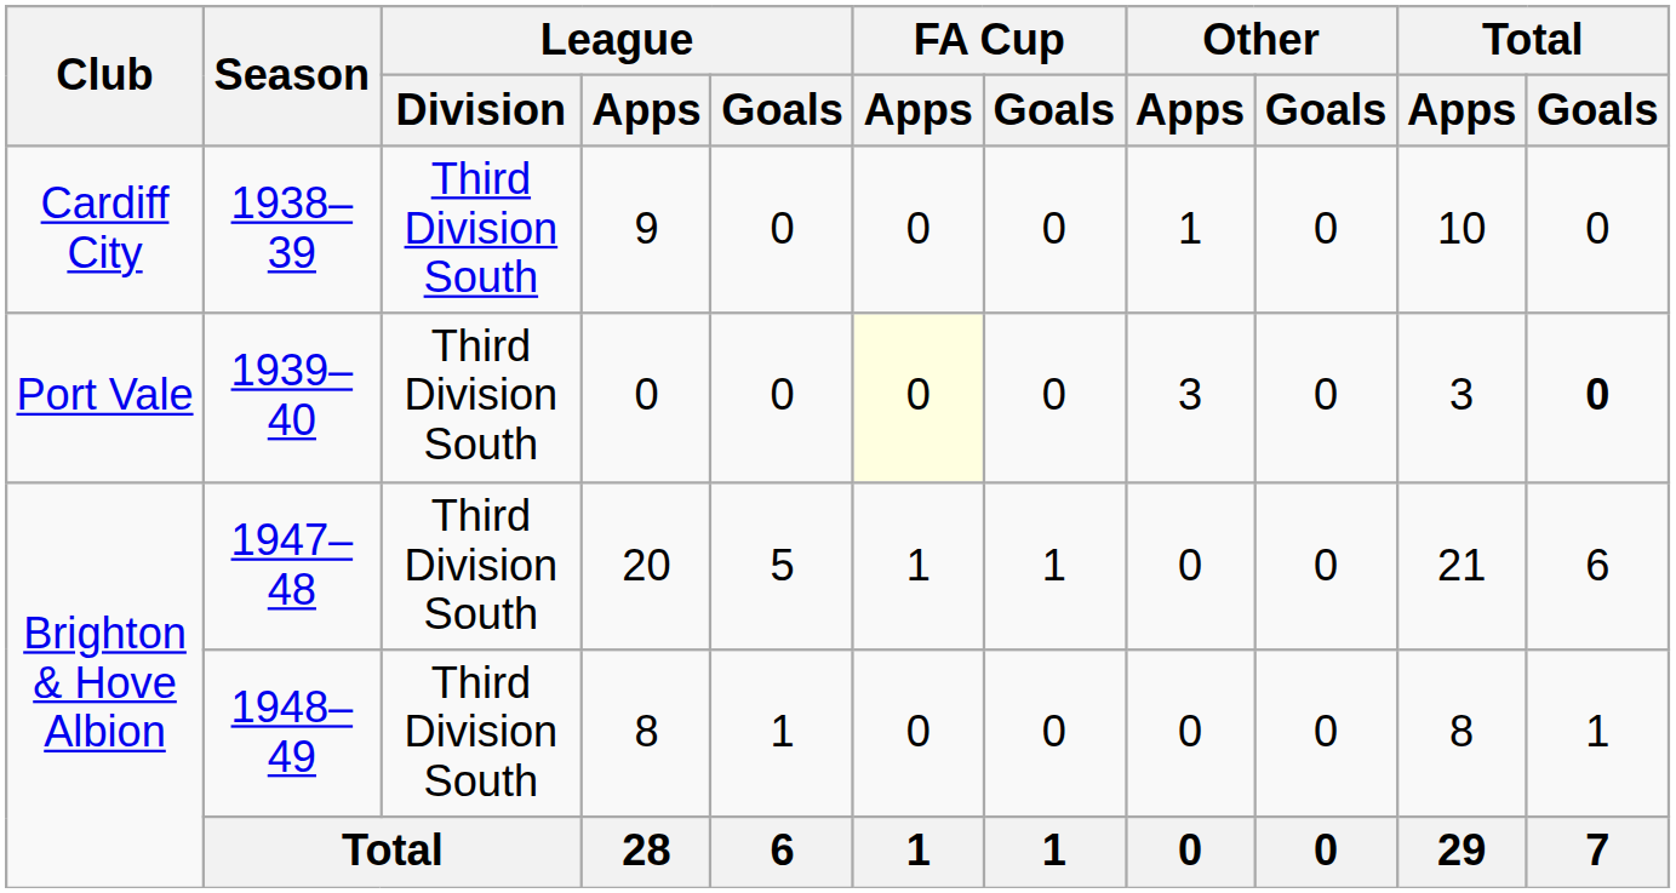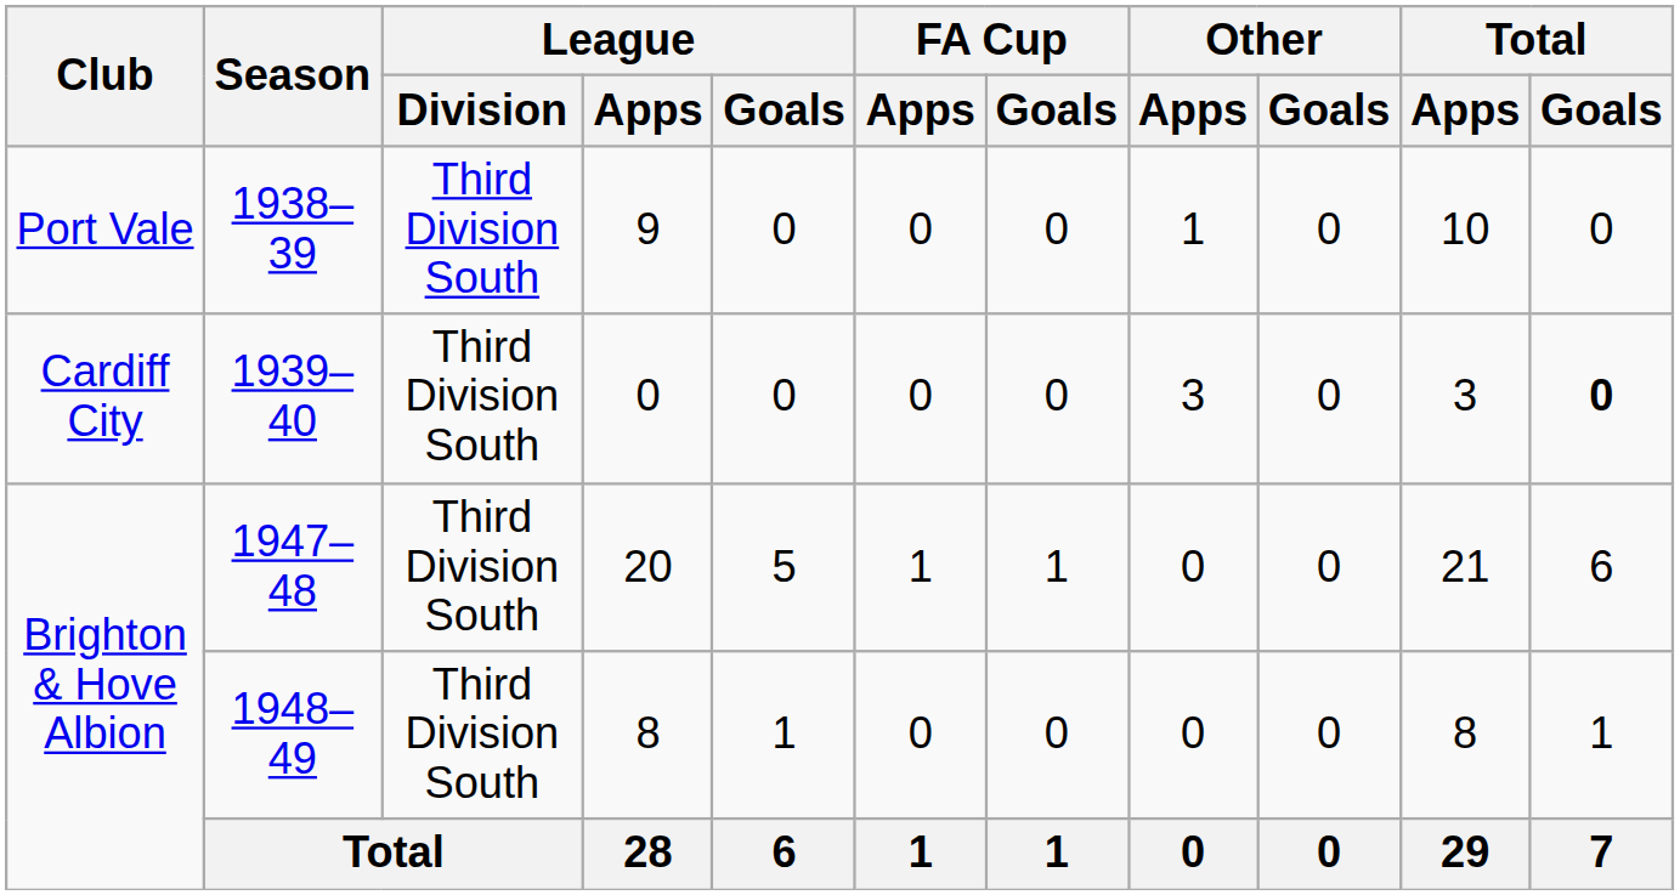 <table class="wikitable" style="text-align: center;">
 <tr>
 <th rowspan="2">Club</th>
 <th rowspan="2">Season</th>
 <th colspan="3">League</th>
 <th colspan="2">FA Cup</th>
 <th colspan="2">Other</th>
 <th colspan="2">Total</th>
 </tr>
 <tr>
 <th>Division</th>
 <th>Apps</th>
 <th>Goals</th>
 <th>Apps</th>
 <th>Goals</th>
 <th>Apps</th>
 <th>Goals</th>
 <th>Apps</th>
 <th>Goals</th>
 </tr>
 <tr>
-<td><a href='#'>Cardiff City</a></td>
+<td><a href='#'>Port Vale</a></td>
 <td><a href='#'>1938–39</a></td>
 <td><a href='#'>Third Division South</a></td>
 <td>9</td>
 <td>0</td>
 <td>0</td>
 <td>0</td>
 <td>1</td>
 <td>0</td>
 <td>10</td>
 <td>0</td>
 </tr>
 <tr>
-<td><a href='#'>Port Vale</a></td>
+<td><a href='#'>Cardiff City</a></td>
 <td><a href='#'>1939–40</a></td>
 <td>Third Division South</td>
 <td>0</td>
 <td>0</td>
-<td style="background: lightyellow;">0</td>
+<td>0</td>
 <td>0</td>
 <td>3</td>
 <td>0</td>
 <td>3</td>
 <td><strong>0</strong></td>
 </tr>
 <tr>
 <td rowspan="3"><a href='#'>Brighton & Hove Albion</a></td>
 <td><a href='#'>1947–48</a></td>
 <td>Third Division South</td>
 <td>20</td>
 <td>5</td>
 <td>1</td>
 <td>1</td>
 <td>0</td>
 <td>0</td>
 <td>21</td>
 <td>6</td>
 </tr>
 <tr>
 <td><a href='#'>1948–49</a></td>
 <td>Third Division South</td>
 <td>8</td>
 <td>1</td>
 <td>0</td>
 <td>0</td>
 <td>0</td>
 <td>0</td>
 <td>8</td>
 <td>1</td>
 </tr>
 <tr>
 <th colspan="2">Total</th>
 <th>28</th>
 <th>6</th>
 <th>1</th>
 <th>1</th>
 <th>0</th>
 <th>0</th>
 <th>29</th>
 <th>7</th>
 </tr>
 </table>
